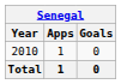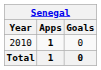 <table class="wikitable" style="text-align:center">
 <tr>
 <th colspan=3><a href='#'>Senegal</a></th>
 </tr>
 <tr>
 <th>Year</th>
 <th>Apps</th>
 <th>Goals</th>
 </tr>
 <tr>
 <td>2010</td>
-<td>1</td>
+<td><strong>1</strong></td>
 <td>0</td>
 </tr>
 <tr>
 <th>Total</th>
 <th>1</th>
 <th>0</th>
 </tr>
 </table>
